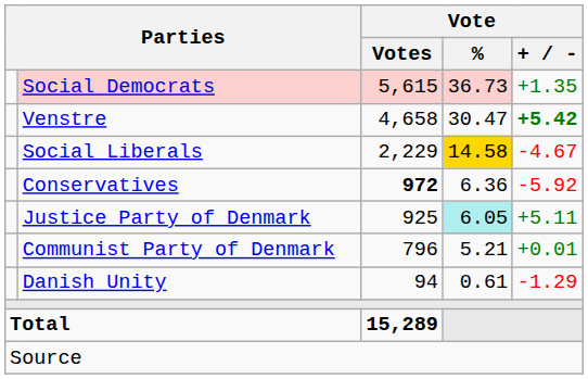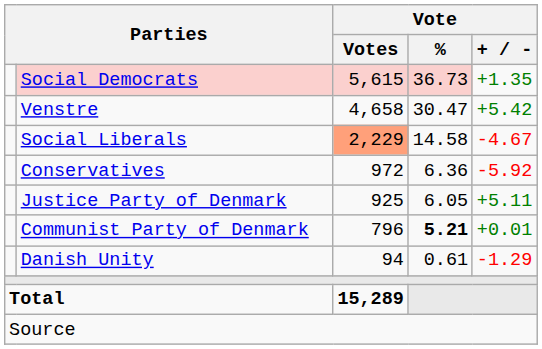 <table class="wikitable" style="text-align:right;">
 <tr>
 <th style="text-align:centre;" rowspan="2" colspan="2" width="225">Parties</th>
 <th colspan="3">Vote</th>
 </tr>
 <tr>
 <th width="15">Votes</th>
 <th width="15">%</th>
 <th width="15">+ / -</th>
 </tr>
 <tr>
 <td width="2" style="color:inherit;background:"></td>
 <td bgcolor=#fbd0ce  align="left"><a href='#'>Social Democrats</a></td>
 <td bgcolor=#fbd0ce>5,615</td>
 <td bgcolor=#fbd0ce>36.73</td>
 <td style=color:green;>+1.35</td>
 </tr>
 <tr>
 <td width="2" style="color:inherit;background:"></td>
 <td align="left"><a href='#'>Venstre</a></td>
 <td>4,658</td>
 <td>30.47</td>
-<td style=color:green;><strong>+5.42</strong></td>
+<td style=color:green;>+5.42</td>
 </tr>
 <tr>
 <td width="2" style="color:inherit;background:"></td>
 <td align="left"><a href='#'>Social Liberals</a></td>
-<td>2,229</td>
-<td style="background: gold;">14.58</td>
+<td style="background: lightsalmon;">2,229</td>
+<td>14.58</td>
 <td style=color:red;>-4.67</td>
 </tr>
 <tr>
 <td width="2" style="color:inherit;background:"></td>
 <td align="left"><a href='#'>Conservatives</a></td>
-<td><strong>972</strong></td>
+<td>972</td>
 <td>6.36</td>
 <td style=color:red;>-5.92</td>
 </tr>
 <tr>
 <td width="2" style="color:inherit;background:"></td>
 <td align="left"><a href='#'>Justice Party of Denmark</a></td>
 <td>925</td>
-<td style="background: paleturquoise;">6.05</td>
+<td>6.05</td>
 <td style=color:green;>+5.11</td>
 </tr>
 <tr>
 <td width="2" style="color:inherit;background:"></td>
 <td align="left"><a href='#'>Communist Party of Denmark</a></td>
 <td>796</td>
-<td>5.21</td>
+<td><strong>5.21</strong></td>
 <td style=color:green;>+0.01</td>
 </tr>
 <tr>
 <td width="2" style="color:inherit;background:"></td>
 <td align="left"><a href='#'>Danish Unity</a></td>
 <td>94</td>
 <td>0.61</td>
 <td style=color:red;>-1.29</td>
 </tr>
 <tr>
 <td colspan="7" bgcolor="#E9E9E9"></td>
 </tr>
 <tr>
 <td align="left" colspan="2"><strong>Total</strong></td>
 <td><strong>15,289</strong></td>
 <td bgcolor="#E9E9E9" colspan="2"></td>
 </tr>
 <tr>
 <td align="left" colspan="6">Source</td>
 </tr>
 </table>
